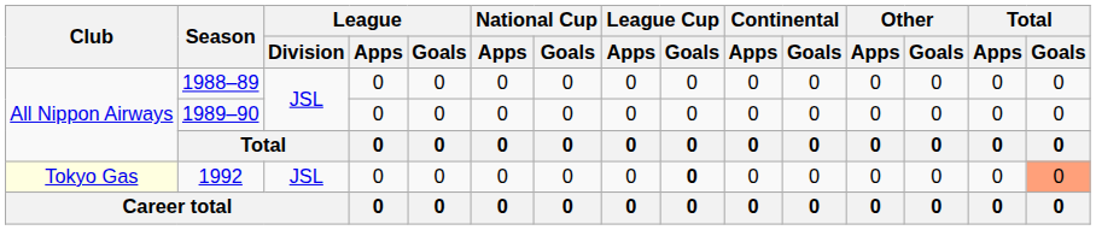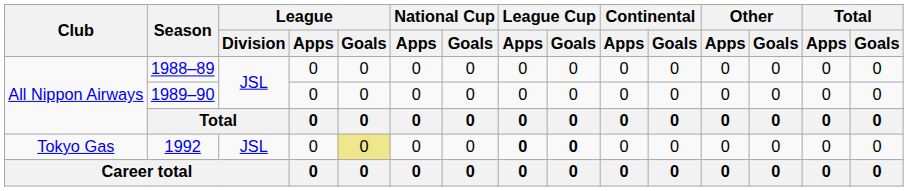 <table class="wikitable" style="text-align: center">
 <tr>
 <th rowspan="2">Club</th>
 <th rowspan="2">Season</th>
 <th colspan="3">League</th>
 <th colspan="2">National Cup</th>
 <th colspan="2">League Cup</th>
 <th colspan="2">Continental</th>
 <th colspan="2">Other</th>
 <th colspan="2">Total</th>
 </tr>
 <tr>
 <th>Division</th>
 <th>Apps</th>
 <th>Goals</th>
 <th>Apps</th>
 <th>Goals</th>
 <th>Apps</th>
 <th>Goals</th>
 <th>Apps</th>
 <th>Goals</th>
 <th>Apps</th>
 <th>Goals</th>
 <th>Apps</th>
 <th>Goals</th>
 </tr>
 <tr>
 <td rowspan="3"><a href='#'>All Nippon Airways</a></td>
 <td><a href='#'>1988–89</a></td>
 <td rowspan="2"><a href='#'>JSL</a></td>
 <td>0</td>
 <td>0</td>
 <td>0</td>
 <td>0</td>
 <td>0</td>
 <td>0</td>
 <td>0</td>
 <td>0</td>
 <td>0</td>
 <td>0</td>
 <td>0</td>
 <td>0</td>
 </tr>
 <tr>
 <td><a href='#'>1989–90</a></td>
 <td>0</td>
 <td>0</td>
 <td>0</td>
 <td>0</td>
 <td>0</td>
 <td>0</td>
 <td>0</td>
 <td>0</td>
 <td>0</td>
 <td>0</td>
 <td>0</td>
 <td>0</td>
 </tr>
 <tr>
 <th colspan=2>Total</th>
 <th>0</th>
 <th>0</th>
 <th>0</th>
 <th>0</th>
 <th>0</th>
 <th>0</th>
 <th>0</th>
 <th>0</th>
 <th>0</th>
 <th>0</th>
 <th>0</th>
 <th>0</th>
 </tr>
 <tr>
-<td style="background: lightyellow;"><a href='#'>Tokyo Gas</a></td>
+<td><a href='#'>Tokyo Gas</a></td>
 <td><a href='#'>1992</a></td>
 <td><a href='#'>JSL</a></td>
 <td>0</td>
+<td style="background: khaki;">0</td>
 <td>0</td>
 <td>0</td>
-<td>0</td>
-<td>0</td>
+<td><strong>0</strong></td>
 <td><strong>0</strong></td>
 <td>0</td>
 <td>0</td>
 <td>0</td>
 <td>0</td>
 <td>0</td>
-<td style="background: lightsalmon;">0</td>
+<td>0</td>
 </tr>
 <tr>
 <th colspan=3>Career total</th>
 <th>0</th>
 <th>0</th>
 <th>0</th>
 <th>0</th>
 <th>0</th>
 <th>0</th>
 <th>0</th>
 <th>0</th>
 <th>0</th>
 <th>0</th>
 <th>0</th>
 <th>0</th>
 </tr>
 </table>
